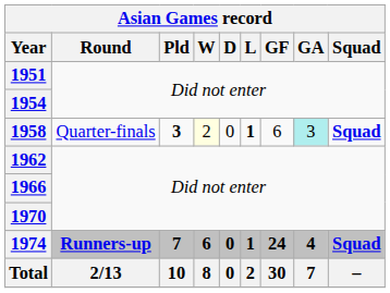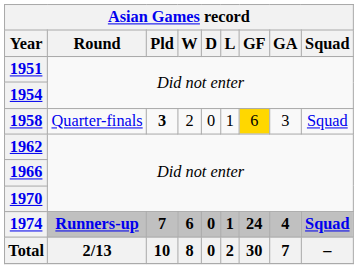 <table class="wikitable" style="text-align:center">
 <tr>
 <th colspan=10><a href='#'>Asian Games</a> record</th>
 </tr>
 <tr>
 <th>Year</th>
 <th>Round</th>
 <th>Pld</th>
 <th>W</th>
 <th>D</th>
 <th>L</th>
 <th>GF</th>
 <th>GA</th>
 <th>Squad</th>
 </tr>
 <tr>
 <th> <a href='#'>1951</a></th>
 <td rowspan=2 colspan=9><em>Did not enter</em></td>
 </tr>
 <tr>
 <th> <a href='#'>1954</a></th>
 </tr>
 <tr>
 <th> <a href='#'>1958</a></th>
 <td><a href='#'>Quarter-finals</a></td>
 <td><strong>3</strong></td>
-<td style="background: lightyellow;">2</td>
+<td>2</td>
 <td>0</td>
-<td><strong>1</strong></td>
-<td>6</td>
-<td style="background: paleturquoise;">3</td>
-<td><strong><a href='#'>Squad</a></strong></td>
+<td>1</td>
+<td style="background: gold;">6</td>
+<td>3</td>
+<td><a href='#'>Squad</a></td>
 </tr>
 <tr>
 <th> <a href='#'>1962</a></th>
 <td rowspan=3 colspan=8><em>Did not enter</em></td>
 </tr>
 <tr>
 <th> <a href='#'>1966</a></th>
 </tr>
 <tr>
 <th> <a href='#'>1970</a></th>
 </tr>
 <tr style="background:silver">
 <th> <a href='#'>1974</a></th>
 <td><strong><a href='#'>Runners-up</a></strong></td>
 <td><strong>7</strong></td>
 <td><strong>6</strong></td>
 <td><strong>0</strong></td>
 <td><strong>1</strong></td>
 <td><strong>24</strong></td>
 <td><strong>4</strong></td>
 <td><strong><a href='#'>Squad</a></strong></td>
 </tr>
 <tr>
 <th>Total</th>
 <th>2/13</th>
 <th>10</th>
 <th>8</th>
 <th>0</th>
 <th>2</th>
 <th>30</th>
 <th>7</th>
 <th>–</th>
 </tr>
 <tr>
 </tr>
 </table>
